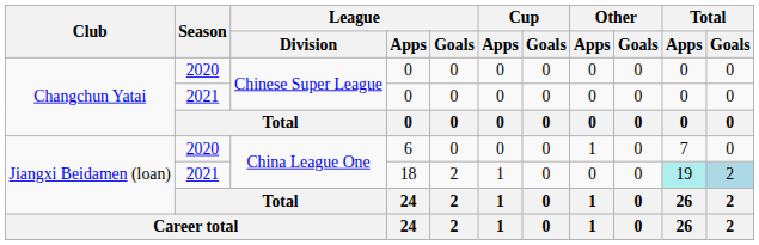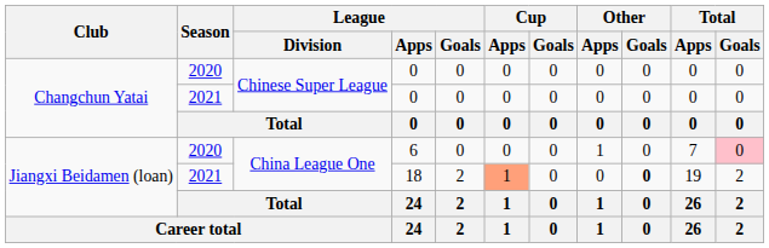 <table class="wikitable" style="text-align: center">
 <tr>
 <th rowspan="2">Club</th>
 <th rowspan="2">Season</th>
 <th colspan="3">League</th>
 <th colspan="2">Cup</th>
 <th colspan="2">Other</th>
 <th colspan="2">Total</th>
 </tr>
 <tr>
 <th>Division</th>
 <th>Apps</th>
 <th>Goals</th>
 <th>Apps</th>
 <th>Goals</th>
 <th>Apps</th>
 <th>Goals</th>
 <th>Apps</th>
 <th>Goals</th>
 </tr>
 <tr>
 <td rowspan="3"><a href='#'>Changchun Yatai</a></td>
 <td><a href='#'>2020</a></td>
 <td rowspan="2"><a href='#'>Chinese Super League</a></td>
 <td>0</td>
 <td>0</td>
 <td>0</td>
 <td>0</td>
 <td>0</td>
 <td>0</td>
 <td>0</td>
 <td>0</td>
 </tr>
 <tr>
 <td><a href='#'>2021</a></td>
 <td>0</td>
 <td>0</td>
 <td>0</td>
 <td>0</td>
 <td>0</td>
 <td>0</td>
 <td>0</td>
 <td>0</td>
 </tr>
 <tr>
 <th colspan=2>Total</th>
 <th>0</th>
 <th>0</th>
 <th>0</th>
 <th>0</th>
 <th>0</th>
 <th>0</th>
 <th>0</th>
 <th>0</th>
 </tr>
 <tr>
 <td rowspan="3"><a href='#'>Jiangxi Beidamen</a> (loan)</td>
 <td><a href='#'>2020</a></td>
 <td rowspan="2"><a href='#'>China League One</a></td>
 <td>6</td>
 <td>0</td>
 <td>0</td>
 <td>0</td>
 <td>1</td>
 <td>0</td>
 <td>7</td>
-<td>0</td>
+<td style="background: pink;">0</td>
 </tr>
 <tr>
 <td><a href='#'>2021</a></td>
 <td>18</td>
 <td>2</td>
-<td>1</td>
+<td style="background: lightsalmon;">1</td>
 <td>0</td>
 <td>0</td>
-<td>0</td>
-<td style="background: paleturquoise;">19</td>
-<td style="background: lightblue;">2</td>
+<td><strong>0</strong></td>
+<td>19</td>
+<td>2</td>
 </tr>
 <tr>
 <th colspan=2>Total</th>
 <th>24</th>
 <th>2</th>
 <th>1</th>
 <th>0</th>
 <th>1</th>
 <th>0</th>
 <th>26</th>
 <th>2</th>
 </tr>
 <tr>
 <th colspan=3>Career total</th>
 <th>24</th>
 <th>2</th>
 <th>1</th>
 <th>0</th>
 <th>1</th>
 <th>0</th>
 <th>26</th>
 <th>2</th>
 </tr>
 </table>
